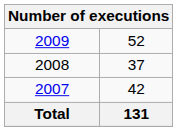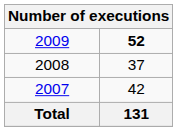 <table class="wikitable" style="text-align:center;">
 <tr>
 <th colspan="2">Number of executions</th>
 </tr>
 <tr>
 <td><a href='#'>2009</a></td>
-<td>52</td>
+<td><strong>52</strong></td>
 </tr>
 <tr>
 <td>2008</td>
 <td>37</td>
 </tr>
 <tr>
 <td><a href='#'>2007</a></td>
 <td>42</td>
 </tr>
 <tr>
 <th>Total</th>
 <th>131</th>
 </tr>
 <tr>
 </tr>
 </table>
